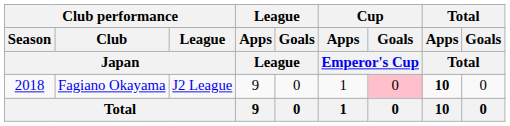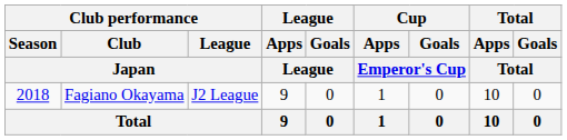 <table class="wikitable" style="text-align:center;">
 <tr>
 <th colspan=3>Club performance</th>
 <th colspan=2>League</th>
 <th colspan=2>Cup</th>
 <th colspan=2>Total</th>
 </tr>
 <tr>
 <th>Season</th>
 <th>Club</th>
 <th>League</th>
 <th>Apps</th>
 <th>Goals</th>
 <th>Apps</th>
 <th>Goals</th>
 <th>Apps</th>
 <th>Goals</th>
 </tr>
 <tr>
 <th colspan=3>Japan</th>
 <th colspan=2>League</th>
 <th colspan=2><a href='#'>Emperor's Cup</a></th>
 <th colspan=2>Total</th>
 </tr>
 <tr>
 <td><a href='#'>2018</a></td>
 <td rowspan="1"><a href='#'>Fagiano Okayama</a></td>
 <td rowspan="1"><a href='#'>J2 League</a></td>
 <td>9</td>
 <td>0</td>
 <td>1</td>
-<td style="background: pink;">0</td>
-<td><strong>10</strong></td>
+<td>0</td>
+<td>10</td>
 <td>0</td>
 </tr>
 <tr>
 <th colspan=3>Total</th>
 <th>9</th>
 <th>0</th>
 <th>1</th>
 <th>0</th>
 <th>10</th>
 <th>0</th>
 </tr>
 </table>
